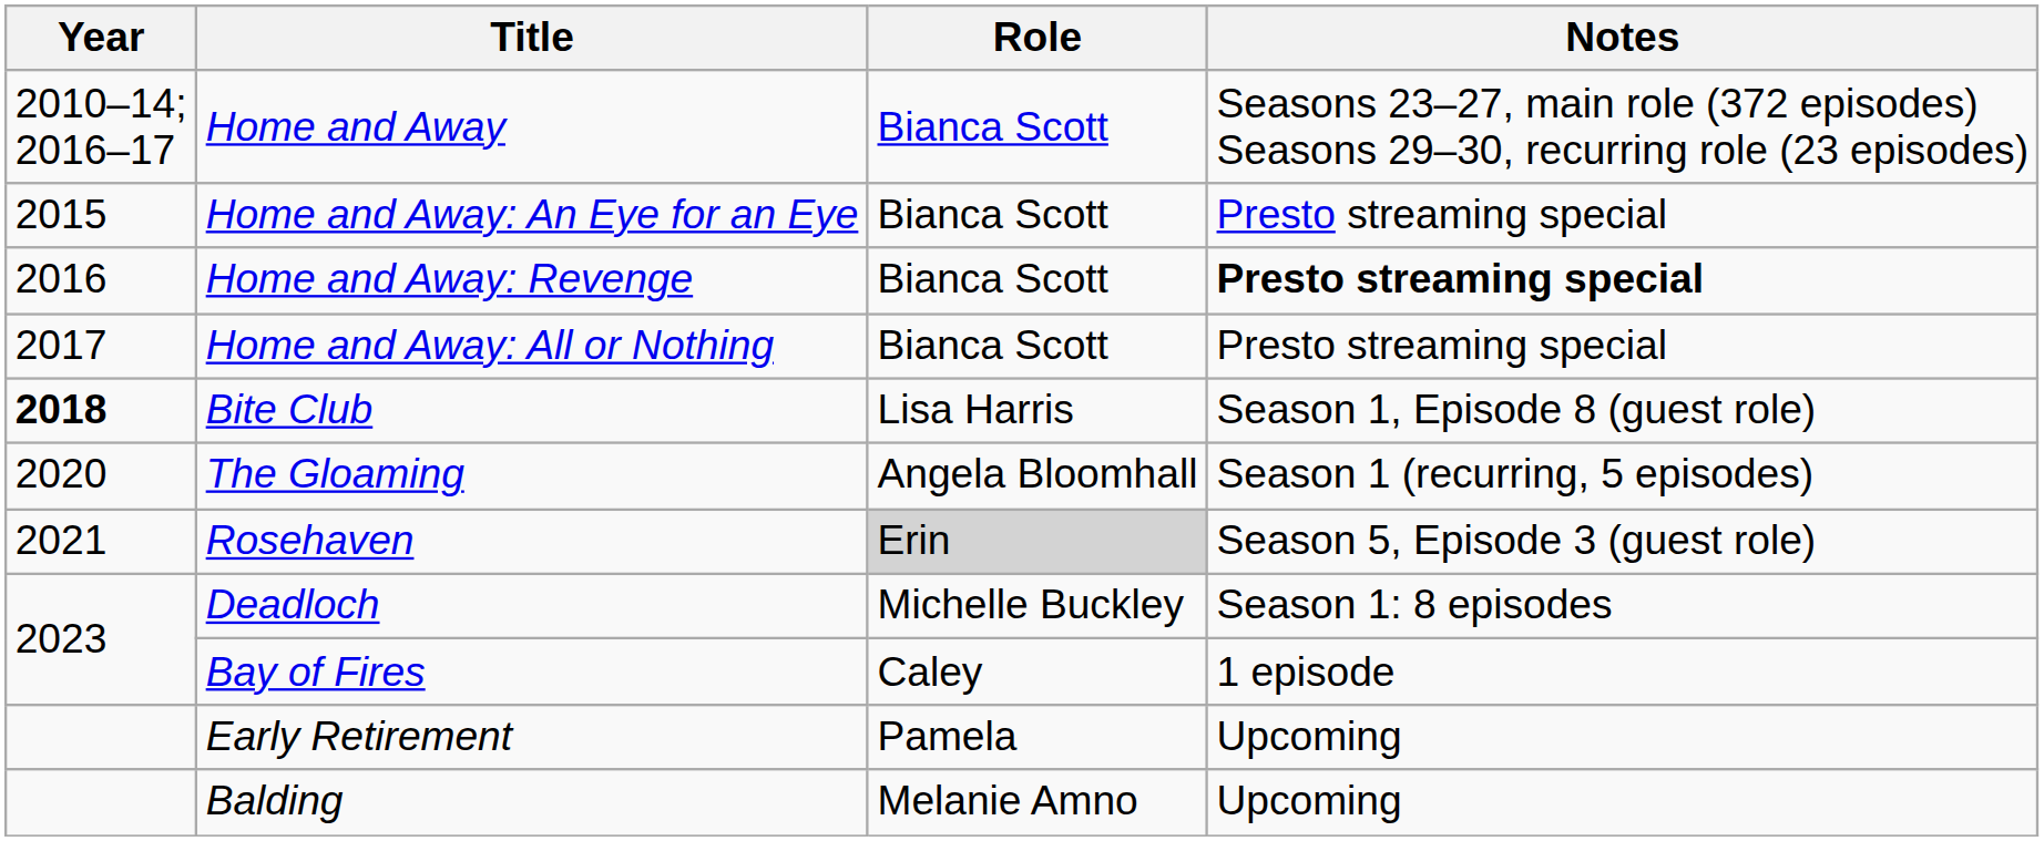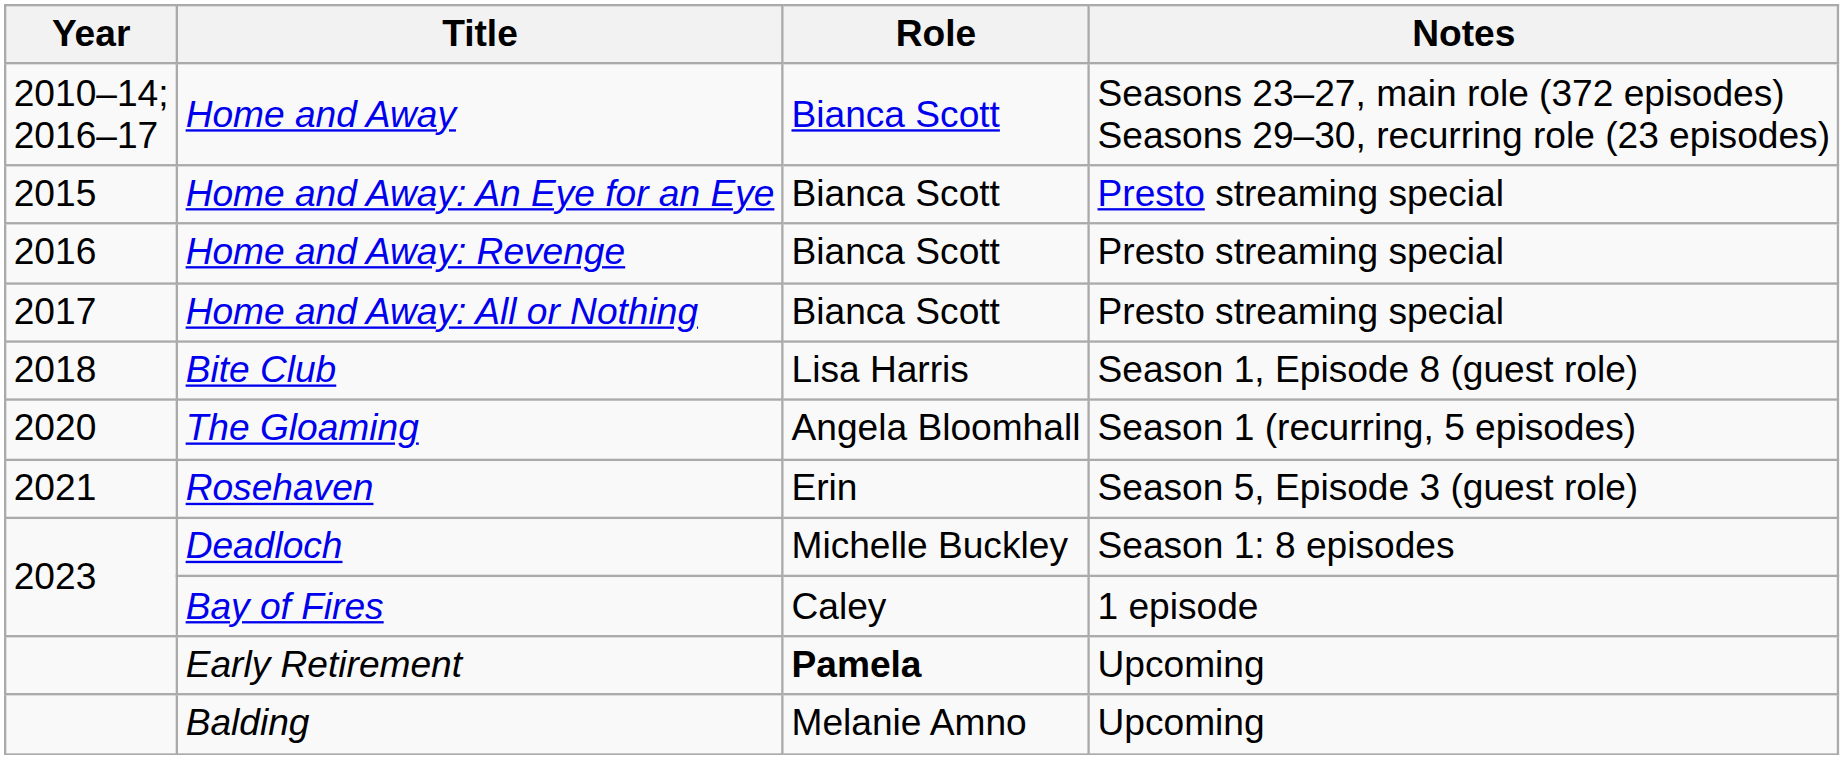 <table class="wikitable">
 <tr>
 <th>Year</th>
 <th>Title</th>
 <th>Role</th>
 <th>Notes</th>
 </tr>
 <tr>
 <td>2010–14;<br>2016–17</td>
 <td><em><a href='#'>Home and Away</a></em></td>
 <td><a href='#'>Bianca Scott</a></td>
 <td>Seasons 23–27, main role (372 episodes)<br>Seasons 29–30, recurring role (23 episodes)</td>
 </tr>
 <tr>
 <td>2015</td>
 <td><em><a href='#'>Home and Away: An Eye for an Eye</a></em></td>
 <td>Bianca Scott</td>
 <td><a href='#'>Presto</a> streaming special</td>
 </tr>
 <tr>
 <td>2016</td>
 <td><em><a href='#'>Home and Away: Revenge</a></em></td>
 <td>Bianca Scott</td>
-<td><strong>Presto streaming special</strong></td>
+<td>Presto streaming special</td>
 </tr>
 <tr>
 <td>2017</td>
 <td><em><a href='#'>Home and Away: All or Nothing</a></em></td>
 <td>Bianca Scott</td>
 <td>Presto streaming special</td>
 </tr>
 <tr>
-<td><strong>2018</strong></td>
+<td>2018</td>
 <td><em><a href='#'>Bite Club</a></em></td>
 <td>Lisa Harris</td>
 <td>Season 1, Episode 8 (guest role)</td>
 </tr>
 <tr>
 <td>2020</td>
 <td><em><a href='#'>The Gloaming</a></em></td>
 <td>Angela Bloomhall</td>
 <td>Season 1 (recurring, 5 episodes)</td>
 </tr>
 <tr>
 <td>2021</td>
 <td><em><a href='#'>Rosehaven</a></em></td>
-<td style="background: lightgrey;">Erin</td>
+<td>Erin</td>
 <td>Season 5, Episode 3 (guest role)</td>
 </tr>
 <tr>
 <td rowspan="2">2023</td>
 <td><em><a href='#'>Deadloch</a></em></td>
 <td>Michelle Buckley</td>
 <td>Season 1: 8 episodes</td>
 </tr>
 <tr>
 <td><em><a href='#'>Bay of Fires</a></em></td>
 <td>Caley</td>
 <td>1 episode</td>
 </tr>
 <tr>
 <td></td>
 <td><em>Early Retirement</em></td>
-<td>Pamela</td>
+<td><strong>Pamela</strong></td>
 <td>Upcoming</td>
 </tr>
 <tr>
 <td></td>
 <td><em>Balding</em></td>
 <td>Melanie Amno</td>
 <td>Upcoming</td>
 </tr>
 </table>
